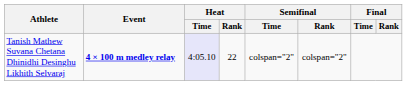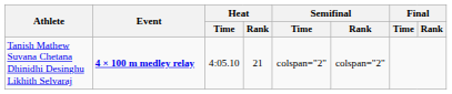 <table class="wikitable" style="text-align:center; font-size:90%; width:50%;">
 <tr>
 <th rowspan="2">Athlete</th>
 <th rowspan="2">Event</th>
 <th colspan="2">Heat</th>
 <th colspan="2">Semifinal</th>
 <th colspan="2">Final</th>
 </tr>
 <tr style="font-size:95%">
 <th>Time</th>
 <th>Rank</th>
 <th>Time</th>
 <th>Rank</th>
 <th>Time</th>
 <th>Rank</th>
 </tr>
 <tr>
 <td align=left><a href='#'>Tanish Mathew</a> <br><a href='#'>Suvana Chetana</a> <br><a href='#'>Dhinidhi Desinghu</a><br><a href='#'>Likhith Selvaraj</a></td>
 <td align=left><strong><a href='#'>4 × 100 m medley relay</a></strong></td>
-<td style="background: lavender;">4:05.10</td>
-<td>22</td>
+<td>4:05.10</td>
+<td>21</td>
 <td>colspan="2" </td>
 <td>colspan="2"  </td>
 </tr>
 </table>
